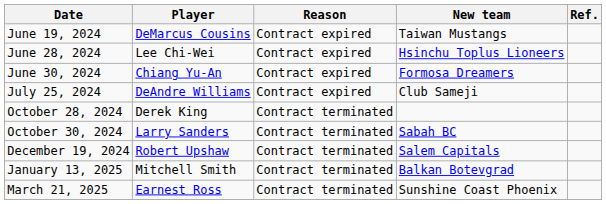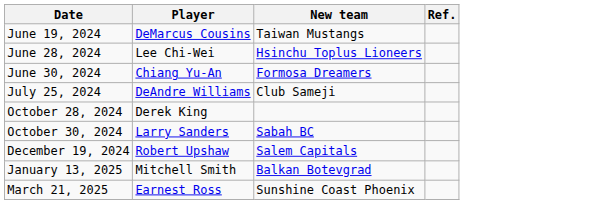 <table class="wikitable">
 <tr>
 <th>Date</th>
 <th>Player</th>
-<th>Reason</th>
 <th>New team</th>
 <th>Ref.</th>
 </tr>
 <tr>
 <td>June 19, 2024</td>
 <td><a href='#'>DeMarcus Cousins</a></td>
-<td>Contract expired</td>
 <td> Taiwan Mustangs</td>
 <td></td>
 </tr>
 <tr>
 <td>June 28, 2024</td>
 <td>Lee Chi-Wei</td>
-<td>Contract expired</td>
 <td> <a href='#'>Hsinchu Toplus Lioneers</a></td>
 <td></td>
 </tr>
 <tr>
 <td>June 30, 2024</td>
 <td><a href='#'>Chiang Yu-An</a></td>
-<td>Contract expired</td>
 <td> <a href='#'>Formosa Dreamers</a></td>
 <td></td>
 </tr>
 <tr>
 <td>July 25, 2024</td>
 <td><a href='#'>DeAndre Williams</a></td>
-<td>Contract expired</td>
 <td> Club Sameji</td>
 <td></td>
 </tr>
 <tr>
 <td>October 28, 2024</td>
 <td>Derek King</td>
-<td>Contract terminated</td>
 <td></td>
 <td></td>
 </tr>
 <tr>
 <td>October 30, 2024</td>
 <td><a href='#'>Larry Sanders</a></td>
-<td>Contract terminated</td>
 <td> <a href='#'>Sabah BC</a></td>
 <td></td>
 </tr>
 <tr>
 <td>December 19, 2024</td>
 <td><a href='#'>Robert Upshaw</a></td>
-<td>Contract terminated</td>
 <td> <a href='#'>Salem Capitals</a></td>
 <td></td>
 </tr>
 <tr>
 <td>January 13, 2025</td>
 <td>Mitchell Smith</td>
-<td>Contract terminated</td>
 <td> <a href='#'>Balkan Botevgrad</a></td>
 <td></td>
 </tr>
 <tr>
 <td>March 21, 2025</td>
 <td><a href='#'>Earnest Ross</a></td>
-<td>Contract terminated</td>
 <td> Sunshine Coast Phoenix</td>
 <td></td>
 </tr>
 </table>
